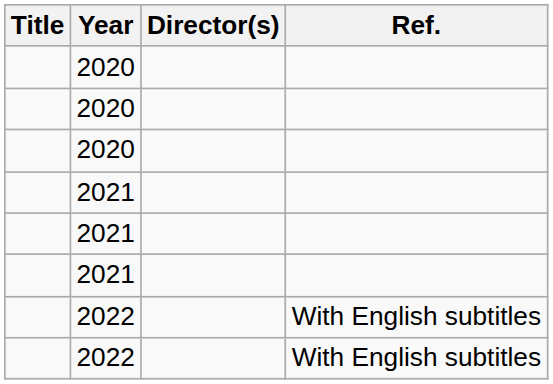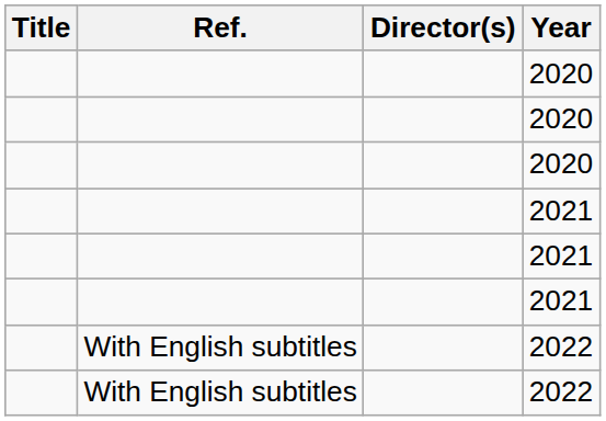 <table class="wikitable plainrowheaders" style="text-align:left;">
 <tr>
 <th scope="col">Title</th>
+<th scope="col">Ref.</th>
+<th scope="col">Director(s)</th>
 <th scope="col">Year</th>
-<th scope="col">Director(s)</th>
-<th scope="col">Ref.</th>
 </tr>
 <tr>
 <td></td>
-<td>2020</td>
 <td></td>
 <td></td>
+<td>2020</td>
 </tr>
 <tr>
 <td></td>
-<td>2020</td>
 <td></td>
 <td></td>
+<td>2020</td>
 </tr>
 <tr>
 <td></td>
-<td>2020</td>
 <td></td>
 <td></td>
+<td>2020</td>
 </tr>
 <tr>
 <td></td>
-<td>2021</td>
 <td></td>
 <td></td>
+<td>2021</td>
 </tr>
 <tr>
 <td></td>
-<td>2021</td>
 <td></td>
 <td></td>
+<td>2021</td>
 </tr>
 <tr>
 <td></td>
-<td>2021</td>
 <td></td>
 <td></td>
+<td>2021</td>
 </tr>
 <tr>
 <td></td>
+<td>With English subtitles</td>
+<td></td>
 <td>2022</td>
-<td></td>
-<td>With English subtitles</td>
 </tr>
 <tr>
 <td></td>
+<td>With English subtitles</td>
+<td></td>
 <td>2022</td>
-<td></td>
-<td>With English subtitles</td>
 </tr>
 </table>
